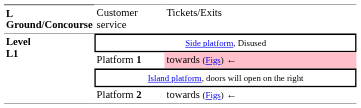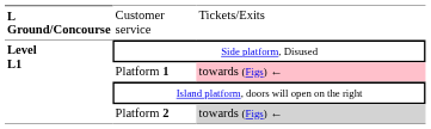 <table table border=0 cellspacing=0 cellpadding=3>
 <tr>
 <td style="border-bottom:solid 1px gray;border-top:solid 2px gray;" width=50 valign=top><strong>L<br>Ground/Concourse</strong></td>
 <td style="border-top:solid 1px gray;border-bottom:solid 1px gray;" width=100 valign=top>Customer service</td>
 <td style="border-top:solid 1px gray;border-bottom:solid 1px gray;" width=285 valign=top>Tickets/Exits</td>
 </tr>
 <tr>
 <td style="border-bottom:solid 1px gray;" rowspan=4 valign=top><strong>Level<br>L1</strong></td>
 <td style="border-top:solid 2px black;border-right:solid 2px black;border-left:solid 2px black;border-bottom:solid 2px black;text-align:center;" colspan=2><small><a href='#'>Side platform</a>, Disused</small></td>
 </tr>
 <tr>
 <td style="border-bottom:solid 1px gray;">Platform <span><strong>1</strong></span></td>
 <td style="background: pink; border-bottom:solid 1px gray;"> towards  <small>(<a href='#'>Figs</a>)</small> ←</td>
 </tr>
 <tr>
 <td style="border-top:solid 2px black;border-left:solid 2px black;border-right:solid 2px black;border-bottom:solid 2px black;text-align:center;" colspan=2><small><a href='#'>Island platform</a>, doors will open on the right</small></td>
 </tr>
 <tr>
 <td style="border-bottom:solid 1px gray;">Platform <span><strong>2</strong></span></td>
-<td style="border-bottom:solid 1px gray;"> towards  <small>(<a href='#'>Figs</a>)</small> ←</td>
+<td style="background: lightgrey; border-bottom:solid 1px gray;"> towards  <small>(<a href='#'>Figs</a>)</small> ←</td>
 </tr>
 </table>
